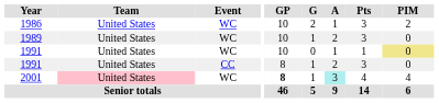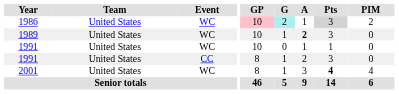 <table border="0" cellpadding="1" cellspacing="0" ID="Table3" style="text-align:center; width:40em">
 <tr bgcolor="#e0e0e0">
 <th>Year</th>
 <th>Team</th>
 <th>Event</th>
 <th rowspan="102" bgcolor="#ffffff"></th>
 <th>GP</th>
 <th>G</th>
 <th>A</th>
 <th>Pts</th>
 <th>PIM</th>
 </tr>
 <tr>
 <td><a href='#'>1986</a></td>
 <td><a href='#'>United States</a></td>
 <td><a href='#'>WC</a></td>
-<td>10</td>
-<td>2</td>
+<td style="background: pink;">10</td>
+<td style="background: paleturquoise;">2</td>
 <td>1</td>
-<td>3</td>
+<td style="background: lightgrey;">3</td>
 <td>2</td>
 </tr>
 <tr bgcolor="#f0f0f0">
 <td><a href='#'>1989</a></td>
 <td>United States</td>
 <td>WC</td>
 <td>10</td>
 <td>1</td>
-<td>2</td>
+<td><strong>2</strong></td>
 <td>3</td>
 <td>0</td>
 </tr>
 <tr>
 <td><a href='#'>1991</a></td>
 <td>United States</td>
 <td>WC</td>
 <td>10</td>
 <td>0</td>
 <td>1</td>
 <td>1</td>
-<td style="background: khaki;">0</td>
+<td>0</td>
 </tr>
 <tr bgcolor="#f0f0f0">
 <td><a href='#'>1991</a></td>
 <td>United States</td>
 <td><a href='#'>CC</a></td>
 <td>8</td>
 <td>1</td>
 <td>2</td>
 <td>3</td>
 <td>0</td>
 </tr>
 <tr>
 <td><a href='#'>2001</a></td>
-<td style="background: pink;">United States</td>
+<td>United States</td>
 <td>WC</td>
-<td><strong>8</strong></td>
+<td>8</td>
 <td>1</td>
-<td style="background: paleturquoise;">3</td>
-<td>4</td>
+<td>3</td>
+<td><strong>4</strong></td>
 <td>4</td>
 </tr>
 <tr bgcolor="#e0e0e0">
 <th colspan=3>Senior totals</th>
 <th>46</th>
 <th>5</th>
 <th>9</th>
 <th>14</th>
 <th>6</th>
 </tr>
 </table>
